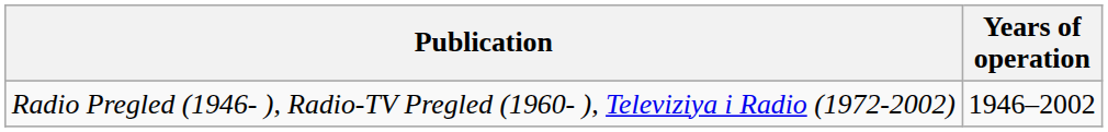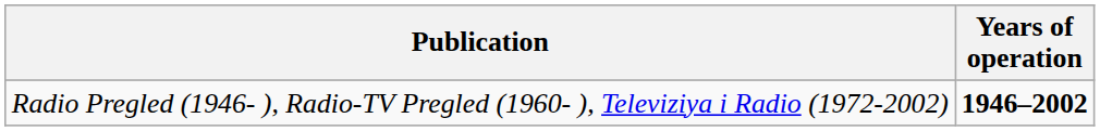 <table class="wikitable">
 <tr>
 <th>Publication</th>
 <th>Years of<br>operation</th>
 </tr>
 <tr>
 <td><em>Radio Pregled (1946- ), Radio-TV Pregled (1960- ), <a href='#'>Televiziya i Radio</a> (1972-2002)</em></td>
-<td>1946–2002</td>
+<td><strong>1946–2002</strong></td>
 </tr>
 </table>
